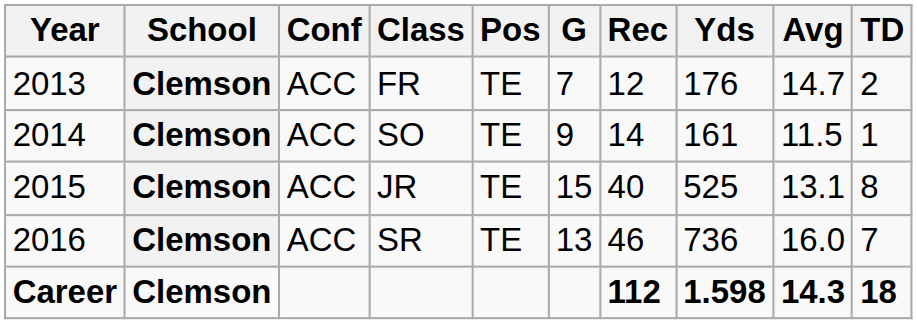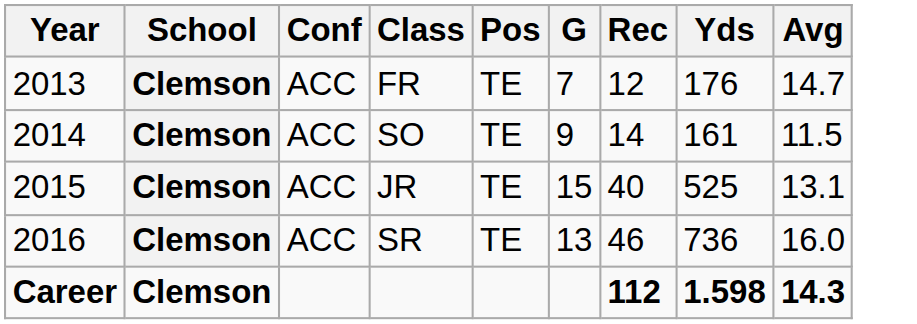 <table class="wikitable">
 <tr>
 <th style="font-weight:bold;">Year</th>
 <th style="font-weight:bold;">School</th>
 <th style="font-weight:bold;">Conf</th>
 <th style="font-weight:bold;">Class</th>
 <th style="font-weight:bold;">Pos</th>
 <th style="font-weight:bold;">G</th>
 <th style="font-weight:bold;">Rec</th>
 <th style="font-weight:bold;">Yds</th>
 <th style="font-weight:bold;">Avg</th>
-<th style="font-weight:bold;">TD</th>
 </tr>
 <tr>
 <td>2013</td>
 <th>Clemson</th>
 <td>ACC</td>
 <td>FR</td>
 <td>TE</td>
 <td>7</td>
 <td>12</td>
 <td>176</td>
 <td>14.7</td>
-<td>2</td>
 </tr>
 <tr>
 <td>2014</td>
 <th>Clemson</th>
 <td>ACC</td>
 <td>SO</td>
 <td>TE</td>
 <td>9</td>
 <td>14</td>
 <td>161</td>
 <td>11.5</td>
-<td>1</td>
 </tr>
 <tr>
 <td>2015</td>
 <th>Clemson</th>
 <td>ACC</td>
 <td>JR</td>
 <td>TE</td>
 <td>15</td>
 <td>40</td>
 <td>525</td>
 <td>13.1</td>
-<td>8</td>
 </tr>
 <tr>
 <td>2016</td>
 <th>Clemson</th>
 <td>ACC</td>
 <td>SR</td>
 <td>TE</td>
 <td>13</td>
 <td>46</td>
 <td>736</td>
 <td>16.0</td>
-<td>7</td>
 </tr>
 <tr>
 <td style="font-weight:bold;">Career</td>
 <td style="font-weight:bold;">Clemson</td>
 <td style="font-weight:bold;"></td>
 <td style="font-weight:bold;"></td>
 <td style="font-weight:bold;"></td>
 <td style="font-weight:bold;"></td>
 <td style="font-weight:bold;">112</td>
 <td style="font-weight:bold;">1.598</td>
 <td style="font-weight:bold;">14.3</td>
-<td style="font-weight:bold;">18</td>
 </tr>
 </table>
